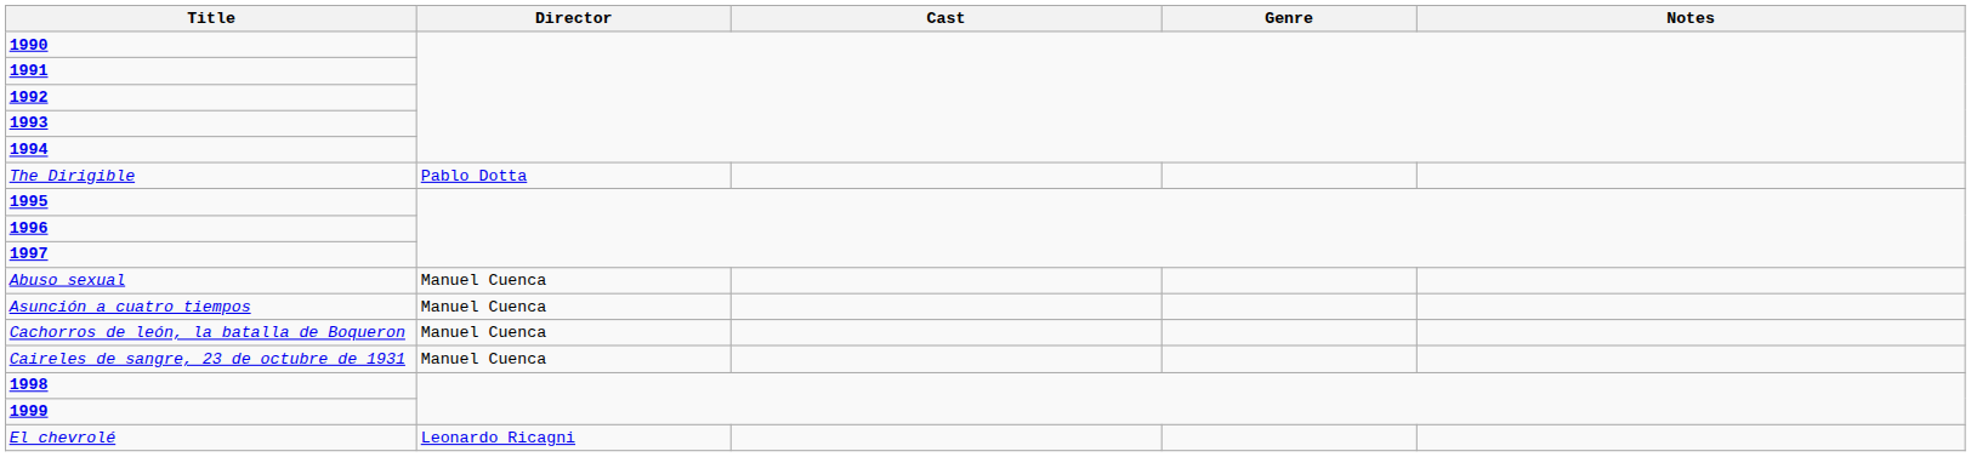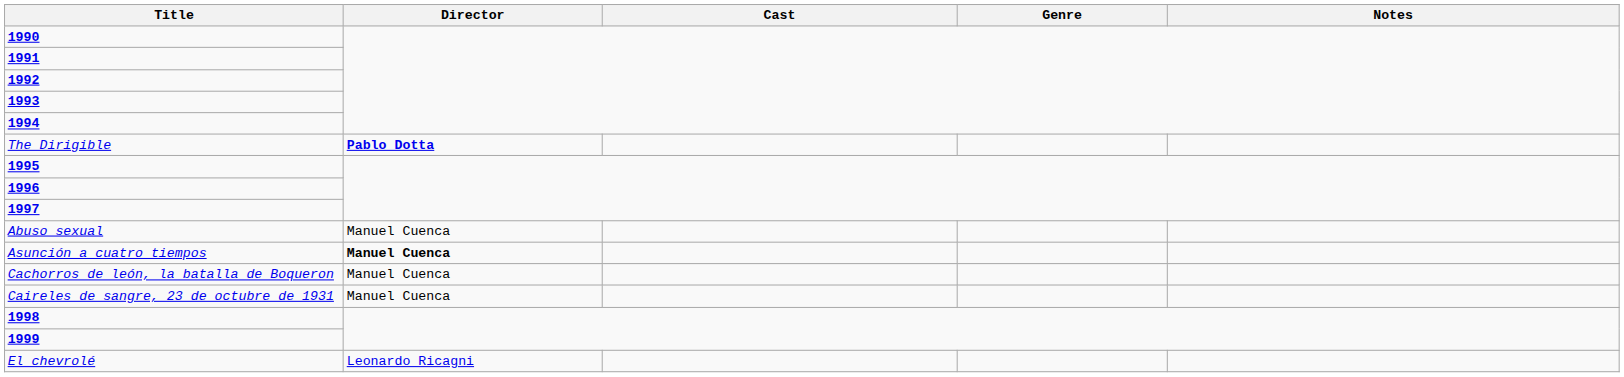 <table class="wikitable" style="width:100%;">
 <tr>
 <th style="width:21%;">Title</th>
 <th style="width:16%;">Director</th>
 <th style="width:22%;">Cast</th>
 <th style="width:13%;">Genre</th>
 <th style="width:28%;">Notes</th>
 </tr>
 <tr>
 <td><strong><a href='#'>1990</a></strong></td>
 </tr>
 <tr>
 <td><strong><a href='#'>1991</a></strong></td>
 </tr>
 <tr>
 <td><strong><a href='#'>1992</a></strong></td>
 </tr>
 <tr>
 <td><strong><a href='#'>1993</a></strong></td>
 </tr>
 <tr>
 <td><strong><a href='#'>1994</a></strong></td>
 </tr>
 <tr>
 <td><em><a href='#'>The Dirigible</a></em></td>
-<td><a href='#'>Pablo Dotta</a></td>
+<td><strong><a href='#'>Pablo Dotta</a></strong></td>
 <td></td>
 <td></td>
 <td></td>
 </tr>
 <tr>
 <td><strong><a href='#'>1995</a></strong></td>
 </tr>
 <tr>
 <td><strong><a href='#'>1996</a></strong></td>
 </tr>
 <tr>
 <td><strong><a href='#'>1997</a></strong></td>
 </tr>
 <tr>
 <td><em><a href='#'>Abuso sexual</a></em></td>
 <td>Manuel Cuenca</td>
 <td></td>
 <td></td>
 <td></td>
 </tr>
 <tr>
 <td><em><a href='#'>Asunción a cuatro tiempos</a></em></td>
-<td>Manuel Cuenca</td>
+<td><strong>Manuel Cuenca</strong></td>
 <td></td>
 <td></td>
 <td></td>
 </tr>
 <tr>
 <td><em><a href='#'>Cachorros de león, la batalla de Boqueron</a></em></td>
 <td>Manuel Cuenca</td>
 <td></td>
 <td></td>
 <td></td>
 </tr>
 <tr>
 <td><em><a href='#'>Caireles de sangre, 23 de octubre de 1931</a></em></td>
 <td>Manuel Cuenca</td>
 <td></td>
 <td></td>
 <td></td>
 </tr>
 <tr>
 <td><strong><a href='#'>1998</a></strong></td>
 </tr>
 <tr>
 <td><strong><a href='#'>1999</a></strong></td>
 </tr>
 <tr>
 <td><em><a href='#'>El chevrolé</a></em></td>
 <td><a href='#'>Leonardo Ricagni</a></td>
 <td></td>
 <td></td>
 <td></td>
 </tr>
 </table>
